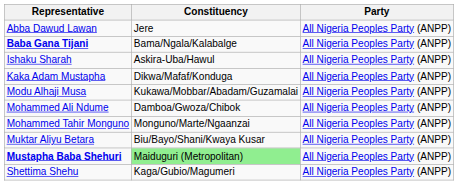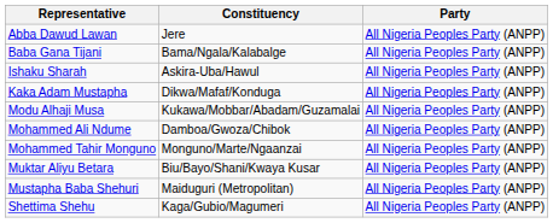 <table class="wikitable" border="1">
 <tr>
 <th>Representative</th>
 <th>Constituency</th>
 <th>Party</th>
 </tr>
 <tr>
 <td><a href='#'>Abba Dawud Lawan</a></td>
 <td>Jere</td>
 <td><a href='#'>All Nigeria Peoples Party</a> (ANPP)</td>
 </tr>
 <tr>
-<td><strong><a href='#'>Baba Gana Tijani</a></strong></td>
+<td><a href='#'>Baba Gana Tijani</a></td>
 <td>Bama/Ngala/Kalabalge</td>
 <td><a href='#'>All Nigeria Peoples Party</a> (ANPP)</td>
 </tr>
 <tr>
 <td><a href='#'>Ishaku Sharah</a></td>
 <td>Askira-Uba/Hawul</td>
 <td><a href='#'>All Nigeria Peoples Party</a> (ANPP)</td>
 </tr>
 <tr>
 <td><a href='#'>Kaka Adam Mustapha</a></td>
 <td>Dikwa/Mafaf/Konduga</td>
 <td><a href='#'>All Nigeria Peoples Party</a> (ANPP)</td>
 </tr>
 <tr>
 <td><a href='#'>Modu Alhaji Musa</a></td>
 <td>Kukawa/Mobbar/Abadam/Guzamalai</td>
 <td><a href='#'>All Nigeria Peoples Party</a> (ANPP)</td>
 </tr>
 <tr>
 <td><a href='#'>Mohammed Ali Ndume</a></td>
 <td>Damboa/Gwoza/Chibok</td>
 <td><a href='#'>All Nigeria Peoples Party</a> (ANPP)</td>
 </tr>
 <tr>
 <td><a href='#'>Mohammed Tahir Monguno</a></td>
 <td>Monguno/Marte/Ngaanzai</td>
 <td><a href='#'>All Nigeria Peoples Party</a> (ANPP)</td>
 </tr>
 <tr>
 <td><a href='#'>Muktar Aliyu Betara</a></td>
 <td>Biu/Bayo/Shani/Kwaya Kusar</td>
 <td><a href='#'>All Nigeria Peoples Party</a> (ANPP)</td>
 </tr>
 <tr>
-<td><strong><a href='#'>Mustapha Baba Shehuri</a></strong></td>
-<td style="background: lightgreen;">Maiduguri (Metropolitan)</td>
+<td><a href='#'>Mustapha Baba Shehuri</a></td>
+<td>Maiduguri (Metropolitan)</td>
 <td><a href='#'>All Nigeria Peoples Party</a> (ANPP)</td>
 </tr>
 <tr>
 <td><a href='#'>Shettima Shehu</a></td>
 <td>Kaga/Gubio/Magumeri</td>
 <td><a href='#'>All Nigeria Peoples Party</a> (ANPP)</td>
 </tr>
 </table>
